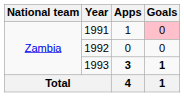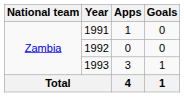 <table class="wikitable" style="text-align: center;">
 <tr>
 <th>National team</th>
 <th>Year</th>
 <th>Apps</th>
 <th>Goals</th>
 </tr>
 <tr>
 <td rowspan="3"><a href='#'>Zambia</a></td>
 <td>1991</td>
 <td>1</td>
-<td style="background: pink;">0</td>
+<td>0</td>
 </tr>
 <tr>
 <td>1992</td>
 <td>0</td>
 <td>0</td>
 </tr>
 <tr>
 <td>1993</td>
-<td><strong>3</strong></td>
-<td><strong>1</strong></td>
+<td>3</td>
+<td>1</td>
 </tr>
 <tr>
 <th colspan="2">Total</th>
 <th>4</th>
 <th>1</th>
 </tr>
 </table>
